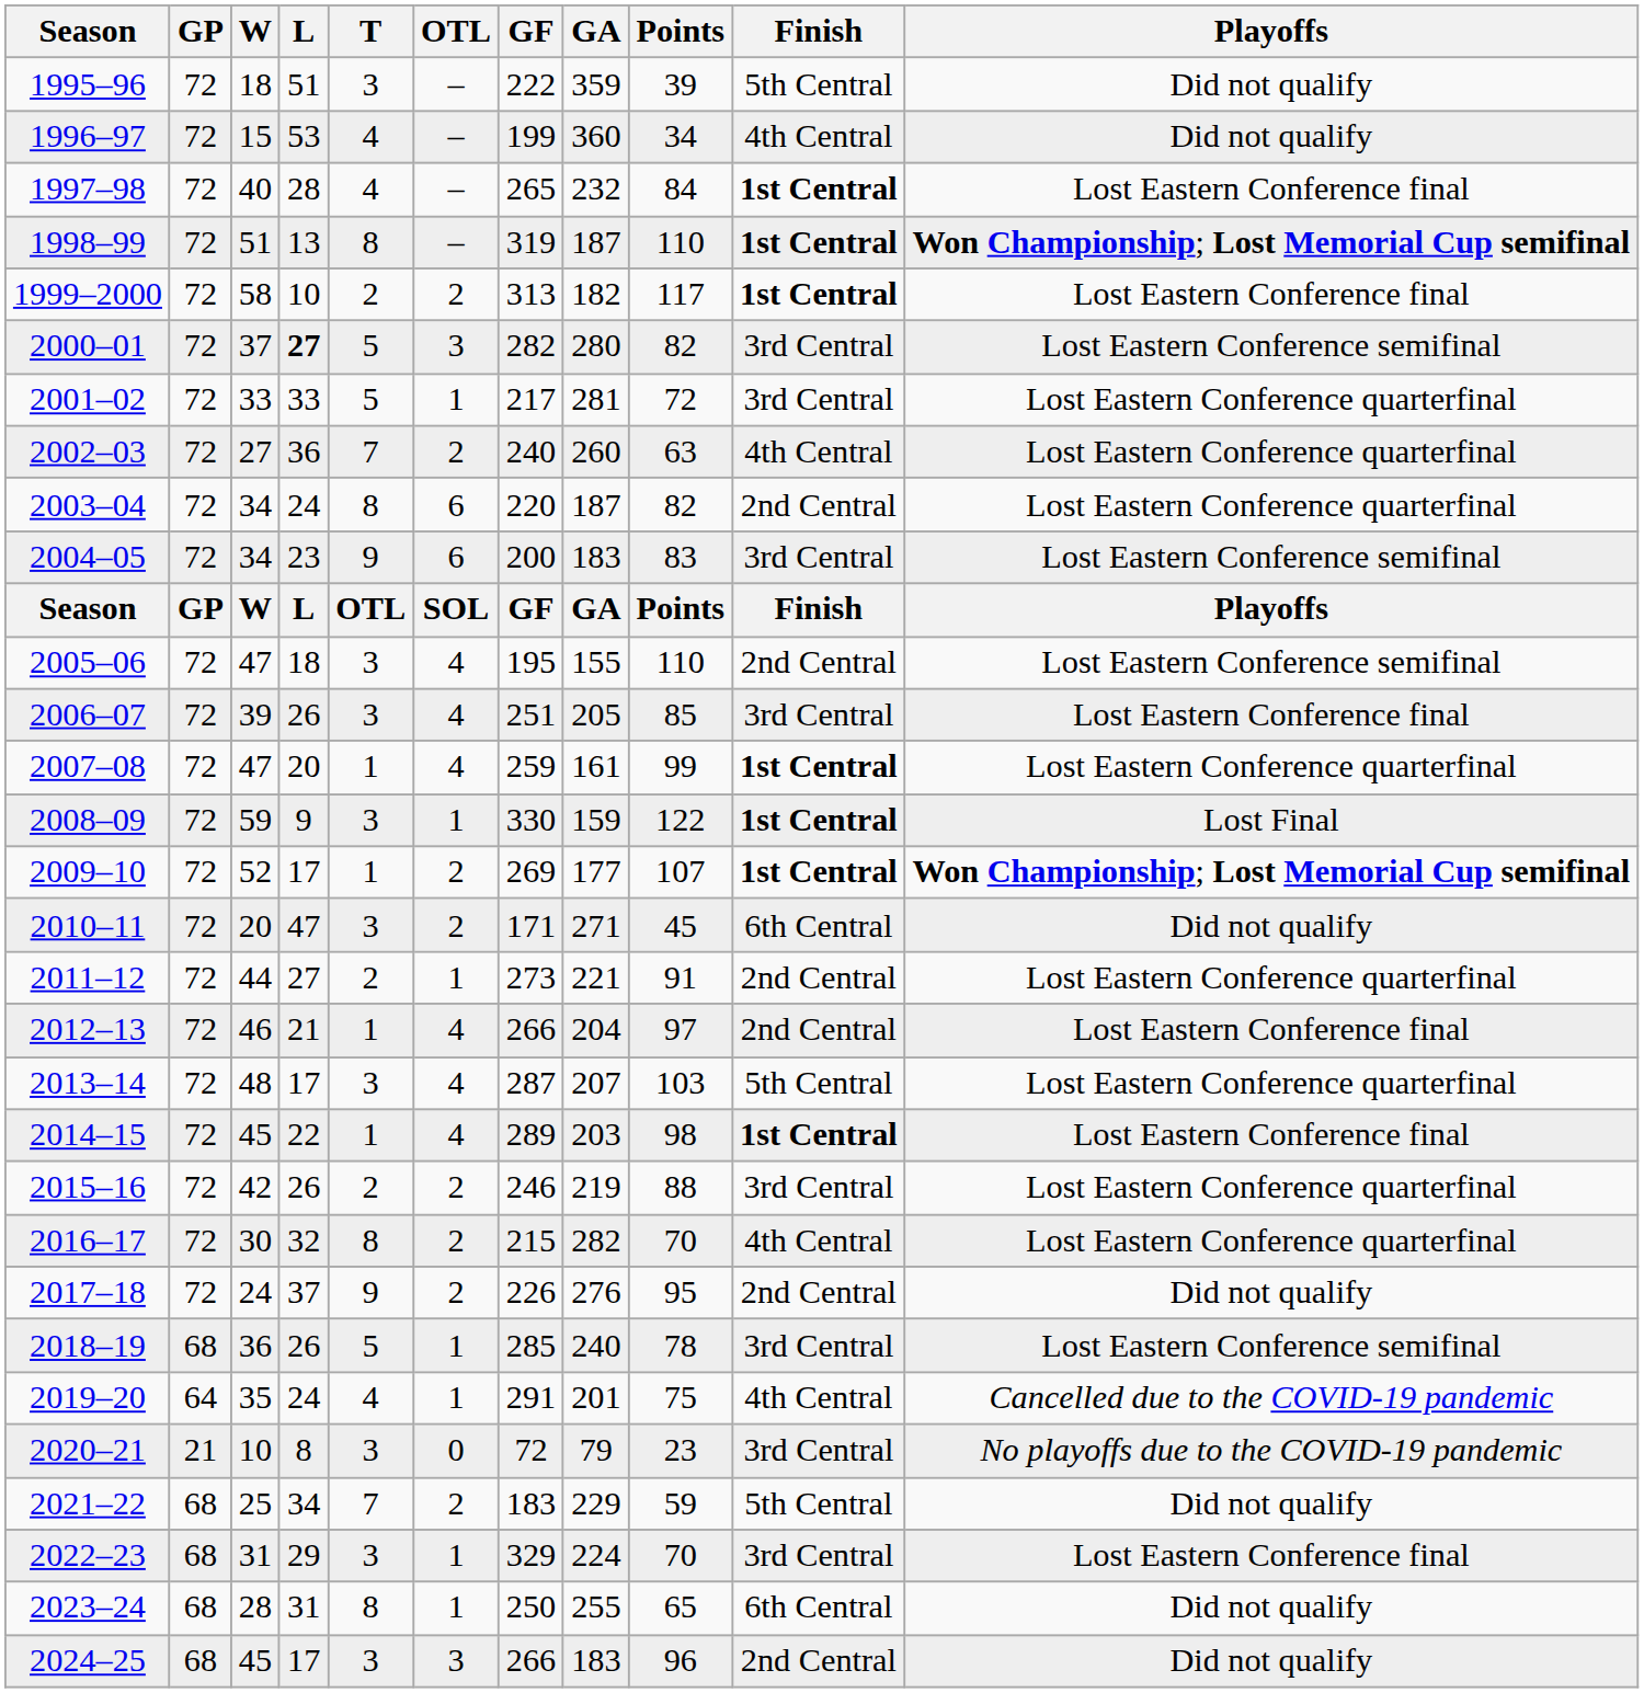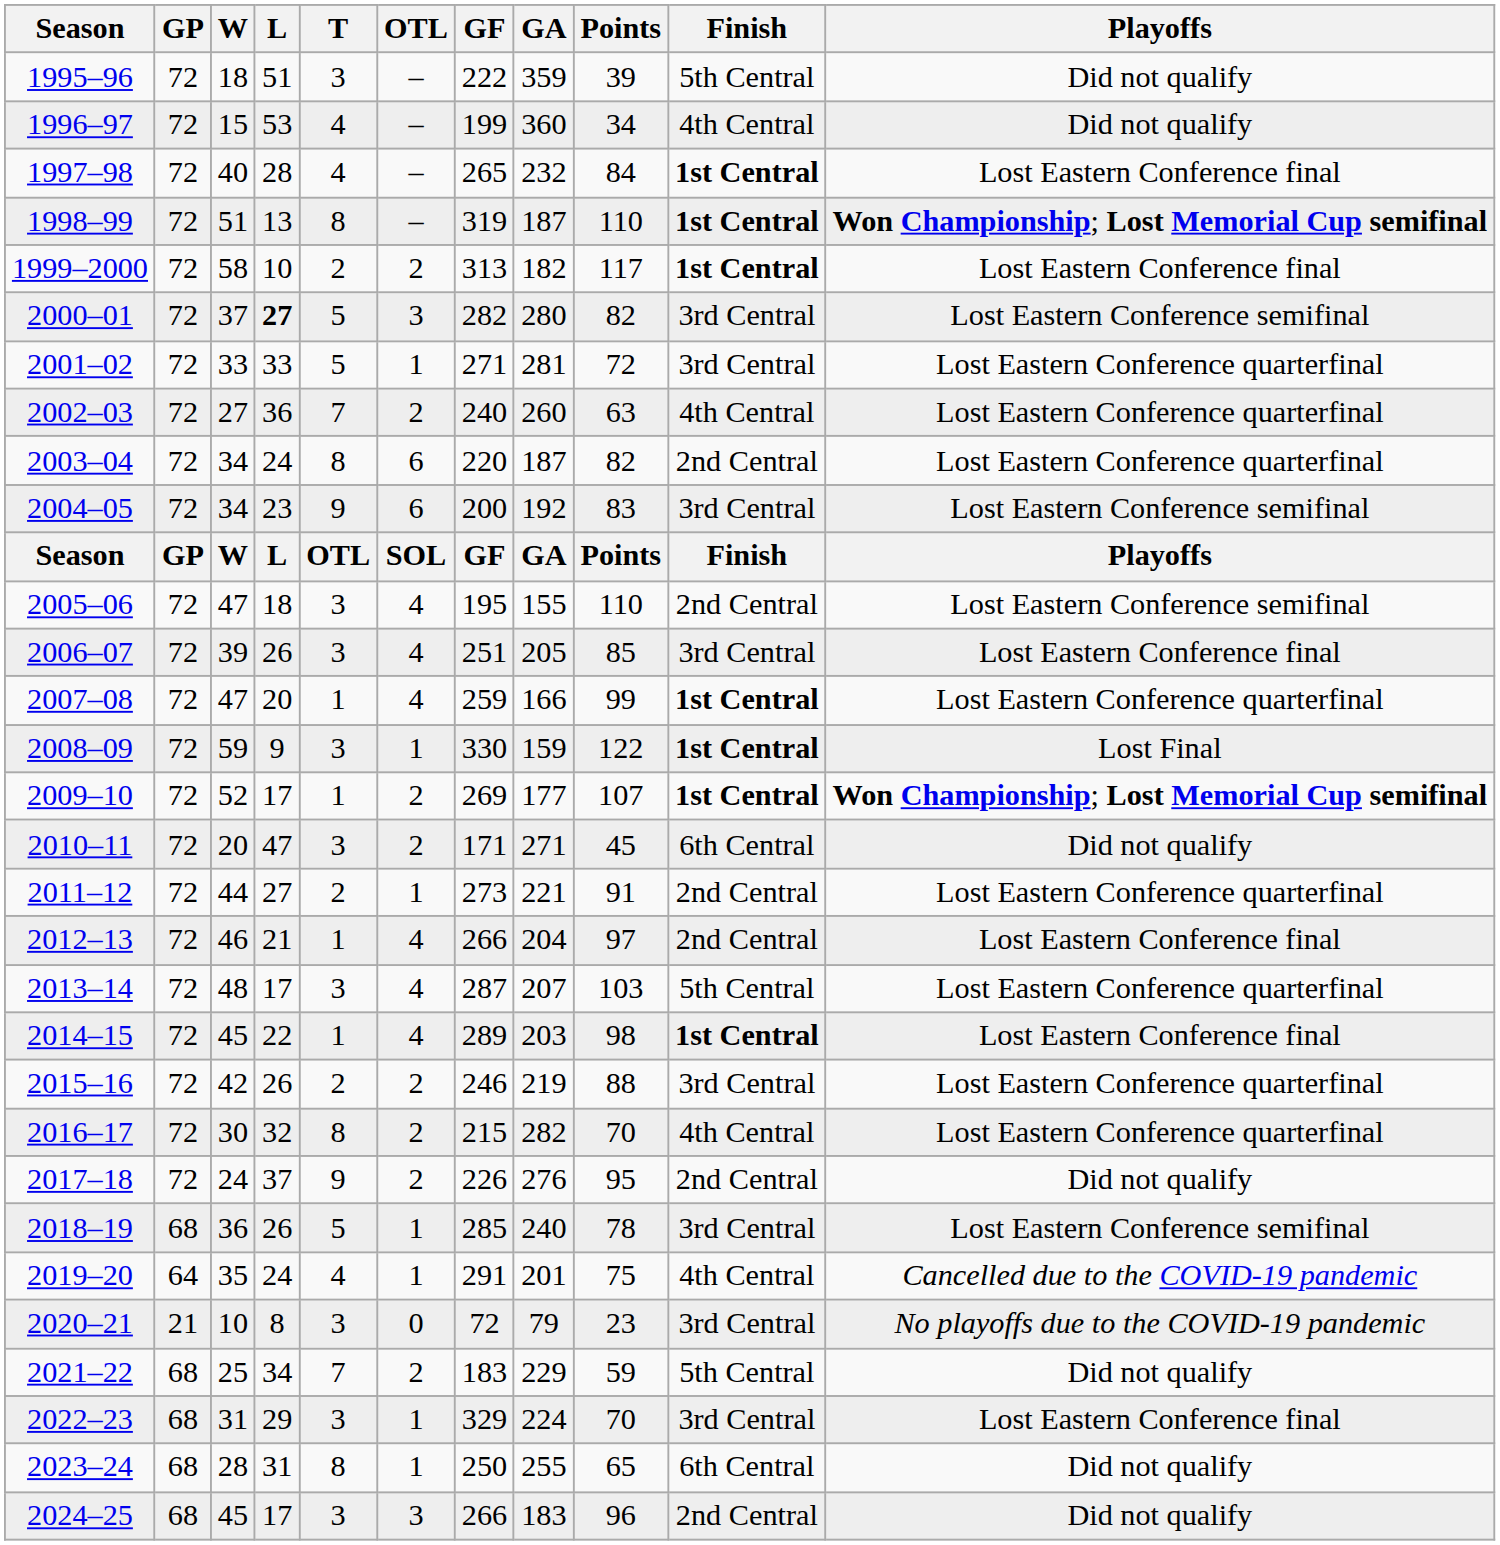 <table class="wikitable">
 <tr>
 <th>Season</th>
 <th>GP</th>
 <th>W</th>
 <th>L</th>
 <th>T</th>
 <th>OTL</th>
 <th>GF</th>
 <th>GA</th>
 <th>Points</th>
 <th>Finish</th>
 <th>Playoffs</th>
 </tr>
 <tr style="text-align:center;">
 <td><a href='#'>1995–96</a></td>
 <td>72</td>
 <td>18</td>
 <td>51</td>
 <td>3</td>
 <td>–</td>
 <td>222</td>
 <td>359</td>
 <td>39</td>
 <td>5th Central</td>
 <td>Did not qualify</td>
 </tr>
 <tr style="text-align:center; background:#eee;">
 <td><a href='#'>1996–97</a></td>
 <td>72</td>
 <td>15</td>
 <td>53</td>
 <td>4</td>
 <td>–</td>
 <td>199</td>
 <td>360</td>
 <td>34</td>
 <td>4th Central</td>
 <td>Did not qualify</td>
 </tr>
 <tr style="text-align:center;">
 <td><a href='#'>1997–98</a></td>
 <td>72</td>
 <td>40</td>
 <td>28</td>
 <td>4</td>
 <td>–</td>
 <td>265</td>
 <td>232</td>
 <td>84</td>
 <td><strong>1st Central</strong></td>
 <td>Lost Eastern Conference final</td>
 </tr>
 <tr style="text-align:center; background:#eee;">
 <td><a href='#'>1998–99</a></td>
 <td>72</td>
 <td>51</td>
 <td>13</td>
 <td>8</td>
 <td>–</td>
 <td>319</td>
 <td>187</td>
 <td>110</td>
 <td><strong>1st Central</strong></td>
 <td><strong>Won <a href='#'>Championship</a></strong>; <strong>Lost <a href='#'>Memorial Cup</a> semifinal</strong></td>
 </tr>
 <tr style="text-align:center;">
 <td><a href='#'>1999–2000</a></td>
 <td>72</td>
 <td>58</td>
 <td>10</td>
 <td>2</td>
 <td>2</td>
 <td>313</td>
 <td>182</td>
 <td>117</td>
 <td><strong>1st Central</strong></td>
 <td>Lost Eastern Conference final</td>
 </tr>
 <tr style="text-align:center; background:#eee;">
 <td><a href='#'>2000–01</a></td>
 <td>72</td>
 <td>37</td>
 <td><strong>27</strong></td>
 <td>5</td>
 <td>3</td>
 <td>282</td>
 <td>280</td>
 <td>82</td>
 <td>3rd Central</td>
 <td>Lost Eastern Conference semifinal</td>
 </tr>
 <tr style="text-align:center;">
 <td><a href='#'>2001–02</a></td>
 <td>72</td>
 <td>33</td>
 <td>33</td>
 <td>5</td>
 <td>1</td>
-<td>217</td>
+<td>271</td>
 <td>281</td>
 <td>72</td>
 <td>3rd Central</td>
 <td>Lost Eastern Conference quarterfinal</td>
 </tr>
 <tr style="text-align:center; background:#eee;">
 <td><a href='#'>2002–03</a></td>
 <td>72</td>
 <td>27</td>
 <td>36</td>
 <td>7</td>
 <td>2</td>
 <td>240</td>
 <td>260</td>
 <td>63</td>
 <td>4th Central</td>
 <td>Lost Eastern Conference quarterfinal</td>
 </tr>
 <tr style="text-align:center;">
 <td><a href='#'>2003–04</a></td>
 <td>72</td>
 <td>34</td>
 <td>24</td>
 <td>8</td>
 <td>6</td>
 <td>220</td>
 <td>187</td>
 <td>82</td>
 <td>2nd Central</td>
 <td>Lost Eastern Conference quarterfinal</td>
 </tr>
 <tr style="text-align:center; background:#eee;">
 <td><a href='#'>2004–05</a></td>
 <td>72</td>
 <td>34</td>
 <td>23</td>
 <td>9</td>
 <td>6</td>
 <td>200</td>
-<td>183</td>
+<td>192</td>
 <td>83</td>
 <td>3rd Central</td>
 <td>Lost Eastern Conference semifinal</td>
 </tr>
 <tr style="text-align:center; background:#ddd;">
 <th>Season</th>
 <th>GP</th>
 <th>W</th>
 <th>L</th>
 <th>OTL</th>
 <th>SOL</th>
 <th>GF</th>
 <th>GA</th>
 <th>Points</th>
 <th>Finish</th>
 <th>Playoffs</th>
 </tr>
 <tr style="text-align:center;">
 <td><a href='#'>2005–06</a></td>
 <td>72</td>
 <td>47</td>
 <td>18</td>
 <td>3</td>
 <td>4</td>
 <td>195</td>
 <td>155</td>
 <td>110</td>
 <td>2nd Central</td>
 <td>Lost Eastern Conference semifinal</td>
 </tr>
 <tr style="text-align:center; background:#eee;">
 <td><a href='#'>2006–07</a></td>
 <td>72</td>
 <td>39</td>
 <td>26</td>
 <td>3</td>
 <td>4</td>
 <td>251</td>
 <td>205</td>
 <td>85</td>
 <td>3rd Central</td>
 <td>Lost Eastern Conference final</td>
 </tr>
 <tr style="text-align:center;">
 <td><a href='#'>2007–08</a></td>
 <td>72</td>
 <td>47</td>
 <td>20</td>
 <td>1</td>
 <td>4</td>
 <td>259</td>
-<td>161</td>
+<td>166</td>
 <td>99</td>
 <td><strong>1st Central</strong></td>
 <td>Lost Eastern Conference quarterfinal</td>
 </tr>
 <tr style="text-align:center; background:#eee;">
 <td><a href='#'>2008–09</a></td>
 <td>72</td>
 <td>59</td>
 <td>9</td>
 <td>3</td>
 <td>1</td>
 <td>330</td>
 <td>159</td>
 <td>122</td>
 <td><strong>1st Central</strong></td>
 <td>Lost Final</td>
 </tr>
 <tr style="text-align:center;">
 <td><a href='#'>2009–10</a></td>
 <td>72</td>
 <td>52</td>
 <td>17</td>
 <td>1</td>
 <td>2</td>
 <td>269</td>
 <td>177</td>
 <td>107</td>
 <td><strong>1st Central</strong></td>
 <td><strong>Won <a href='#'>Championship</a></strong>; <strong>Lost <a href='#'>Memorial Cup</a> semifinal</strong></td>
 </tr>
 <tr style="text-align:center; background:#eee;">
 <td><a href='#'>2010–11</a></td>
 <td>72</td>
 <td>20</td>
 <td>47</td>
 <td>3</td>
 <td>2</td>
 <td>171</td>
 <td>271</td>
 <td>45</td>
 <td>6th Central</td>
 <td>Did not qualify</td>
 </tr>
 <tr style="text-align:center;">
 <td><a href='#'>2011–12</a></td>
 <td>72</td>
 <td>44</td>
 <td>27</td>
 <td>2</td>
 <td>1</td>
 <td>273</td>
 <td>221</td>
 <td>91</td>
 <td>2nd Central</td>
 <td>Lost Eastern Conference quarterfinal</td>
 </tr>
 <tr style="text-align:center; background:#eee;">
 <td><a href='#'>2012–13</a></td>
 <td>72</td>
 <td>46</td>
 <td>21</td>
 <td>1</td>
 <td>4</td>
 <td>266</td>
 <td>204</td>
 <td>97</td>
 <td>2nd Central</td>
 <td>Lost Eastern Conference final</td>
 </tr>
 <tr style="text-align:center;">
 <td><a href='#'>2013–14</a></td>
 <td>72</td>
 <td>48</td>
 <td>17</td>
 <td>3</td>
 <td>4</td>
 <td>287</td>
 <td>207</td>
 <td>103</td>
 <td>5th Central</td>
 <td>Lost Eastern Conference quarterfinal</td>
 </tr>
 <tr style="text-align:center; background:#eee;">
 <td><a href='#'>2014–15</a></td>
 <td>72</td>
 <td>45</td>
 <td>22</td>
 <td>1</td>
 <td>4</td>
 <td>289</td>
 <td>203</td>
 <td>98</td>
 <td><strong>1st Central</strong></td>
 <td>Lost Eastern Conference final</td>
 </tr>
 <tr style="text-align:center;">
 <td><a href='#'>2015–16</a></td>
 <td>72</td>
 <td>42</td>
 <td>26</td>
 <td>2</td>
 <td>2</td>
 <td>246</td>
 <td>219</td>
 <td>88</td>
 <td>3rd Central</td>
 <td>Lost Eastern Conference quarterfinal</td>
 </tr>
 <tr style="text-align:center; background:#eee;">
 <td><a href='#'>2016–17</a></td>
 <td>72</td>
 <td>30</td>
 <td>32</td>
 <td>8</td>
 <td>2</td>
 <td>215</td>
 <td>282</td>
 <td>70</td>
 <td>4th Central</td>
 <td>Lost Eastern Conference quarterfinal</td>
 </tr>
 <tr style="text-align:center;">
 <td><a href='#'>2017–18</a></td>
 <td>72</td>
 <td>24</td>
 <td>37</td>
 <td>9</td>
 <td>2</td>
 <td>226</td>
 <td>276</td>
 <td>95</td>
 <td>2nd Central</td>
 <td>Did not qualify</td>
 </tr>
 <tr style="text-align:center; background:#eee;">
 <td><a href='#'>2018–19</a></td>
 <td>68</td>
 <td>36</td>
 <td>26</td>
 <td>5</td>
 <td>1</td>
 <td>285</td>
 <td>240</td>
 <td>78</td>
 <td>3rd Central</td>
 <td>Lost Eastern Conference semifinal</td>
 </tr>
 <tr style="text-align:center;">
 <td><a href='#'>2019–20</a></td>
 <td>64</td>
 <td>35</td>
 <td>24</td>
 <td>4</td>
 <td>1</td>
 <td>291</td>
 <td>201</td>
 <td>75</td>
 <td>4th Central</td>
 <td><em>Cancelled due to the <a href='#'>COVID-19 pandemic</a></em></td>
 </tr>
 <tr style="text-align:center; background:#eee;">
 <td><a href='#'>2020–21</a></td>
 <td>21</td>
 <td>10</td>
 <td>8</td>
 <td>3</td>
 <td>0</td>
 <td>72</td>
 <td>79</td>
 <td>23</td>
 <td>3rd Central</td>
 <td><em>No playoffs due to the COVID-19 pandemic</em></td>
 </tr>
 <tr style="text-align:center;">
 <td><a href='#'>2021–22</a></td>
 <td>68</td>
 <td>25</td>
 <td>34</td>
 <td>7</td>
 <td>2</td>
 <td>183</td>
 <td>229</td>
 <td>59</td>
 <td>5th Central</td>
 <td>Did not qualify</td>
 </tr>
 <tr style="text-align:center; background:#eee;">
 <td><a href='#'>2022–23</a></td>
 <td>68</td>
 <td>31</td>
 <td>29</td>
 <td>3</td>
 <td>1</td>
 <td>329</td>
 <td>224</td>
 <td>70</td>
 <td>3rd Central</td>
 <td>Lost Eastern Conference final</td>
 </tr>
 <tr style="text-align:center;">
 <td><a href='#'>2023–24</a></td>
 <td>68</td>
 <td>28</td>
 <td>31</td>
 <td>8</td>
 <td>1</td>
 <td>250</td>
 <td>255</td>
 <td>65</td>
 <td>6th Central</td>
 <td>Did not qualify</td>
 </tr>
 <tr style="text-align:center; background:#eee;">
 <td><a href='#'>2024–25</a></td>
 <td>68</td>
 <td>45</td>
 <td>17</td>
 <td>3</td>
 <td>3</td>
 <td>266</td>
 <td>183</td>
 <td>96</td>
 <td>2nd Central</td>
 <td>Did not qualify</td>
 </tr>
 </table>
